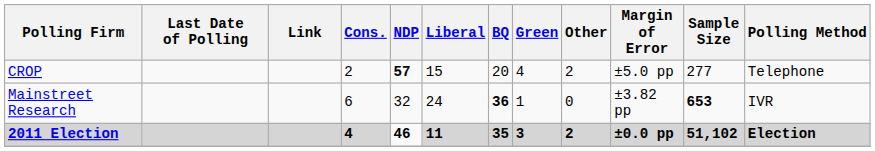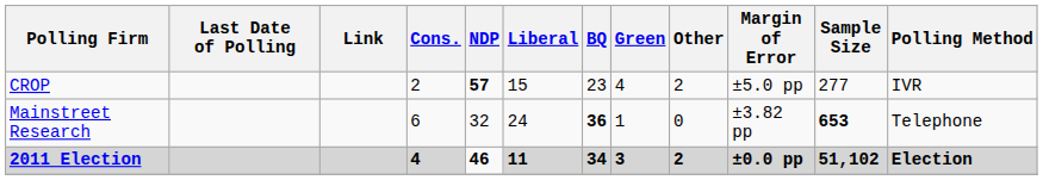 <table class="wikitable sortable">
 <tr style="background:#e9e9e9;">
 <th style="width:120px">Polling Firm</th>
 <th style="width:110px">Last Date<br>of Polling</th>
 <th style="width:60px" class="unsortable">Link</th>
 <th style="background-color:"><strong><a href='#'>Cons.</a></strong></th>
 <th style="background-color:"><strong><a href='#'>NDP</a></strong></th>
 <th style="background-color:"><strong><a href='#'>Liberal</a></strong></th>
 <th style="background-color:"><strong><a href='#'>BQ</a></strong></th>
 <th style="background-color:"><strong><a href='#'>Green</a></strong></th>
 <th style="background-color:"><strong>Other</strong></th>
 <th style="width:60px;" class=unsortable>Margin<br>of Error</th>
 <th style="width:50px;" class=unsortable>Sample<br>Size</th>
 <th class=unsortable>Polling Method</th>
 </tr>
 <tr>
 <td><a href='#'>CROP</a></td>
 <td></td>
 <td></td>
 <td>2</td>
 <td><strong>57</strong></td>
 <td>15</td>
-<td>20</td>
+<td>23</td>
 <td>4</td>
 <td>2</td>
 <td>±5.0 pp</td>
 <td>277</td>
-<td>Telephone</td>
+<td>IVR</td>
 </tr>
 <tr>
 <td><a href='#'>Mainstreet Research</a></td>
 <td></td>
 <td></td>
 <td>6</td>
 <td>32</td>
 <td>24</td>
 <td><strong>36</strong></td>
 <td>1</td>
 <td>0</td>
 <td>±3.82 pp</td>
 <td><strong>653</strong></td>
-<td>IVR</td>
+<td>Telephone</td>
 </tr>
 <tr>
 <td style="background:#D5D5D5"><strong><a href='#'>2011 Election</a></strong></td>
 <td style="background:#D5D5D5"><strong></strong></td>
 <td style="background:#D5D5D5"></td>
 <td style="background:#D5D5D5"><strong>4</strong></td>
 <td><strong>46</strong></td>
 <td style="background:#D5D5D5"><strong>11</strong></td>
-<td style="background:#D5D5D5"><strong>35</strong></td>
+<td style="background:#D5D5D5"><strong>34</strong></td>
 <td style="background:#D5D5D5"><strong>3</strong></td>
 <td style="background:#D5D5D5"><strong>2</strong></td>
 <td style="background:#D5D5D5"><strong>±0.0 pp</strong></td>
 <td style="background:#D5D5D5"><strong>51,102</strong></td>
 <td style="background:#D5D5D5"><strong>Election</strong></td>
 </tr>
 <tr>
 </tr>
 <tr>
 </tr>
 </table>
